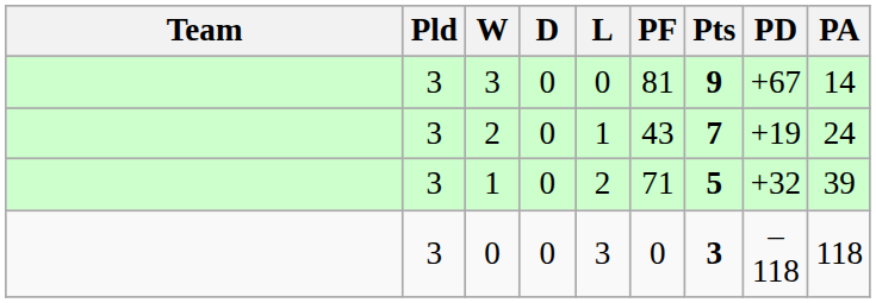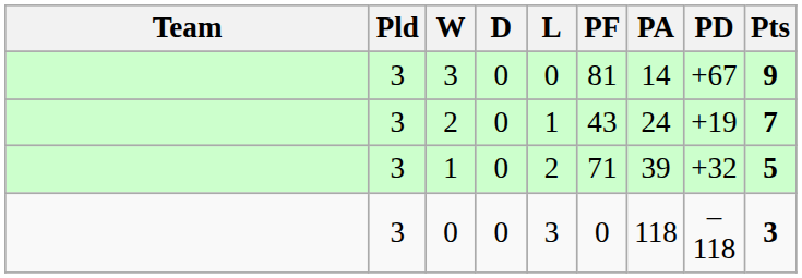 <table class="wikitable" style="text-align:center;">
 <tr>
 <th width=190>Team</th>
 <th width=20 abbr="Played">Pld</th>
 <th width=20 abbr="Won">W</th>
 <th width=20 abbr="Drawn">D</th>
 <th width=20 abbr="Lost">L</th>
 <th width=20 abbr="Points for">PF</th>
+<th width=20 abbr="Points against">PA</th>
+<th width=25 abbr="Points difference">PD</th>
 <th width=20 abbr="Points">Pts</th>
-<th width=25 abbr="Points difference">PD</th>
-<th width=20 abbr="Points against">PA</th>
 </tr>
 <tr style="background:#ccffcc">
 <td align=left></td>
 <td>3</td>
 <td>3</td>
 <td>0</td>
 <td>0</td>
 <td>81</td>
+<td>14</td>
+<td>+67</td>
 <td><strong>9</strong></td>
-<td>+67</td>
-<td>14</td>
 </tr>
 <tr style="background:#ccffcc">
 <td align=left></td>
 <td>3</td>
 <td>2</td>
 <td>0</td>
 <td>1</td>
 <td>43</td>
+<td>24</td>
+<td>+19</td>
 <td><strong>7</strong></td>
-<td>+19</td>
-<td>24</td>
 </tr>
 <tr style="background:#ccffcc">
 <td align=left></td>
 <td>3</td>
 <td>1</td>
 <td>0</td>
 <td>2</td>
 <td>71</td>
+<td>39</td>
+<td>+32</td>
 <td><strong>5</strong></td>
-<td>+32</td>
-<td>39</td>
 </tr>
 <tr>
 <td align=left></td>
 <td>3</td>
 <td>0</td>
 <td>0</td>
 <td>3</td>
 <td>0</td>
+<td>118</td>
+<td>–118</td>
 <td><strong>3</strong></td>
-<td>–118</td>
-<td>118</td>
 </tr>
 </table>
